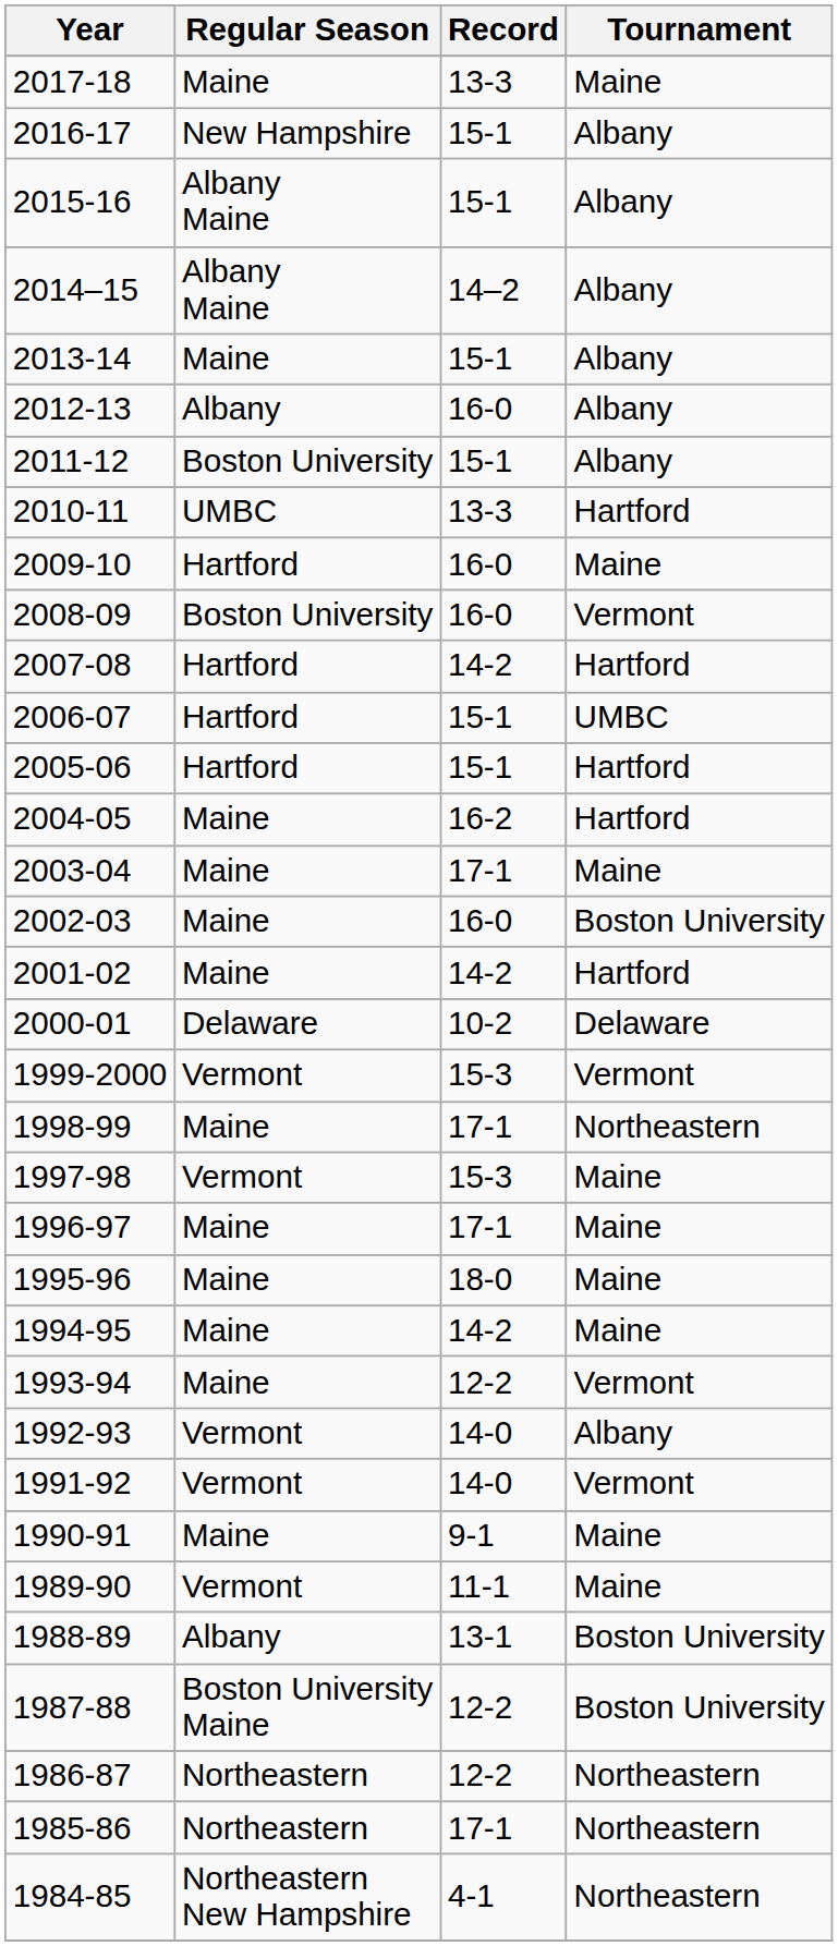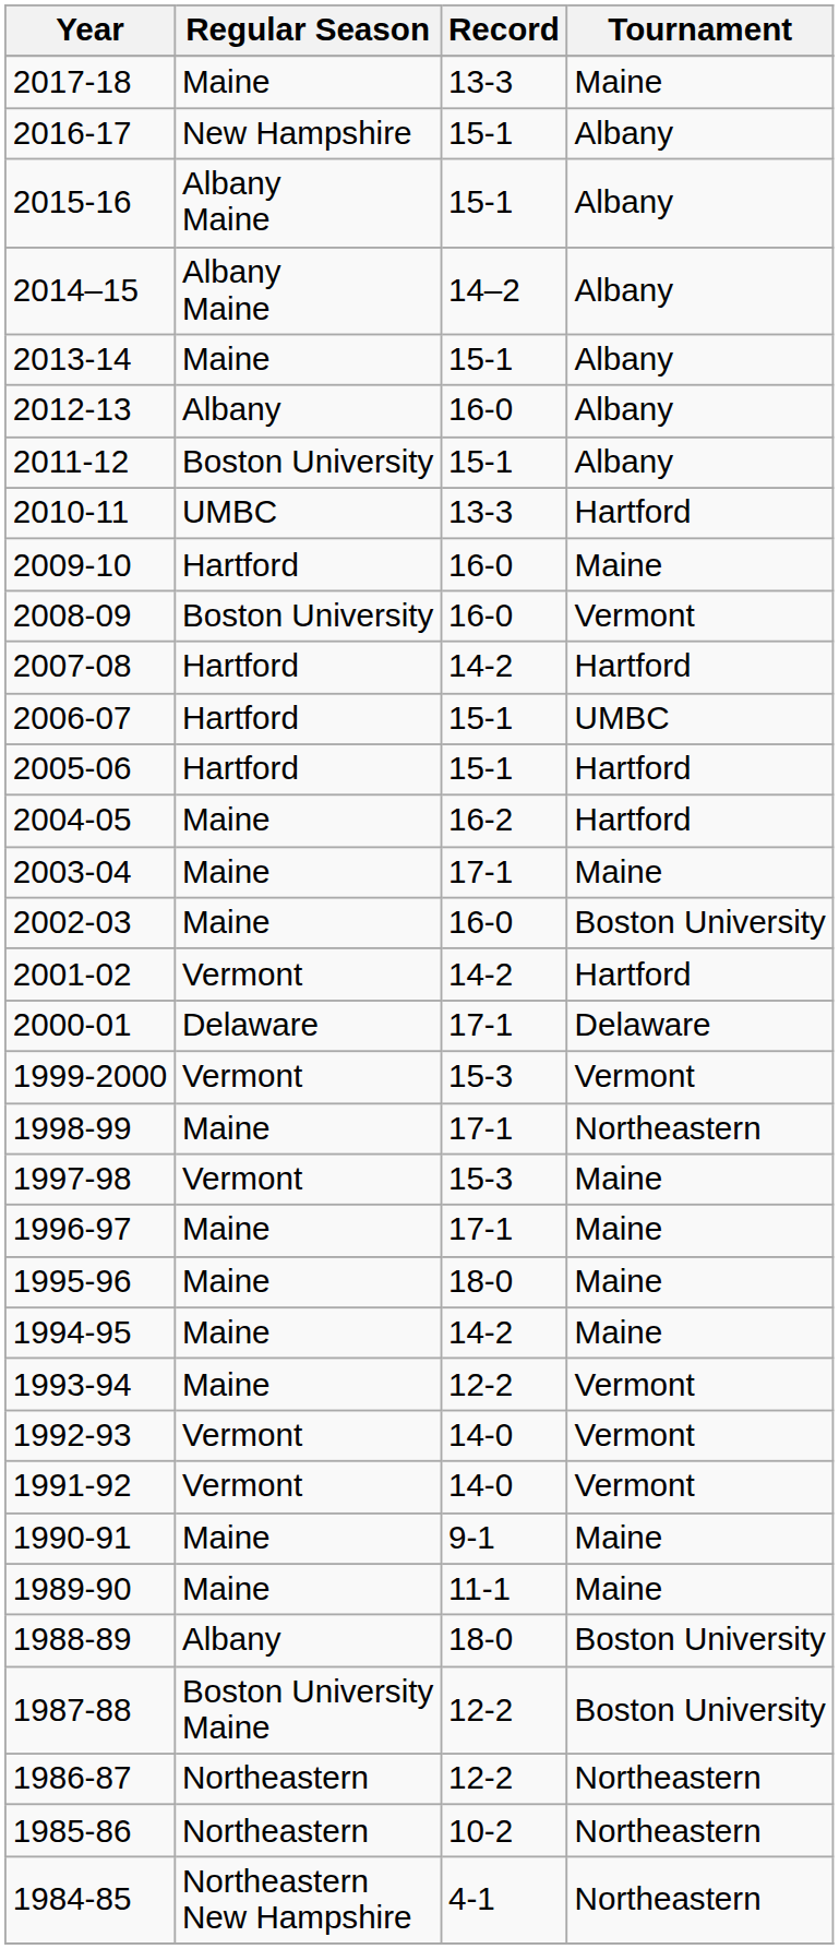 <table class="wikitable sortable">
 <tr>
 <th>Year</th>
 <th>Regular Season</th>
 <th>Record</th>
 <th>Tournament</th>
 </tr>
 <tr>
 </tr>
 <tr>
 <td>2017-18</td>
 <td>Maine</td>
 <td>13-3</td>
 <td>Maine</td>
 </tr>
 <tr>
 <td>2016-17</td>
 <td>New Hampshire</td>
 <td>15-1</td>
 <td>Albany</td>
 </tr>
 <tr>
 <td>2015-16</td>
 <td>Albany<br>Maine</td>
 <td>15-1</td>
 <td>Albany</td>
 </tr>
 <tr>
 <td>2014–15</td>
 <td>Albany<br>Maine</td>
 <td>14–2</td>
 <td>Albany</td>
 </tr>
 <tr>
 <td>2013-14</td>
 <td>Maine</td>
 <td>15-1</td>
 <td>Albany</td>
 </tr>
 <tr>
 <td>2012-13</td>
 <td>Albany</td>
 <td>16-0</td>
 <td>Albany</td>
 </tr>
 <tr>
 <td>2011-12</td>
 <td>Boston University</td>
 <td>15-1</td>
 <td>Albany</td>
 </tr>
 <tr>
 <td>2010-11</td>
 <td>UMBC</td>
 <td>13-3</td>
 <td>Hartford</td>
 </tr>
 <tr>
 <td>2009-10</td>
 <td>Hartford</td>
 <td>16-0</td>
 <td>Maine</td>
 </tr>
 <tr>
 <td>2008-09</td>
 <td>Boston University</td>
 <td>16-0</td>
 <td>Vermont</td>
 </tr>
 <tr>
 <td>2007-08</td>
 <td>Hartford</td>
 <td>14-2</td>
 <td>Hartford</td>
 </tr>
 <tr>
 <td>2006-07</td>
 <td>Hartford</td>
 <td>15-1</td>
 <td>UMBC</td>
 </tr>
 <tr>
 <td>2005-06</td>
 <td>Hartford</td>
 <td>15-1</td>
 <td>Hartford</td>
 </tr>
 <tr>
 <td>2004-05</td>
 <td>Maine</td>
 <td>16-2</td>
 <td>Hartford</td>
 </tr>
 <tr>
 <td>2003-04</td>
 <td>Maine</td>
 <td>17-1</td>
 <td>Maine</td>
 </tr>
 <tr>
 <td>2002-03</td>
 <td>Maine</td>
 <td>16-0</td>
 <td>Boston University</td>
 </tr>
 <tr>
 <td>2001-02</td>
-<td>Maine</td>
+<td>Vermont</td>
 <td>14-2</td>
 <td>Hartford</td>
 </tr>
 <tr>
 <td>2000-01</td>
 <td>Delaware</td>
-<td>10-2</td>
+<td>17-1</td>
 <td>Delaware</td>
 </tr>
 <tr>
 <td>1999-2000</td>
 <td>Vermont</td>
 <td>15-3</td>
 <td>Vermont</td>
 </tr>
 <tr>
 <td>1998-99</td>
 <td>Maine</td>
 <td>17-1</td>
 <td>Northeastern</td>
 </tr>
 <tr>
 <td>1997-98</td>
 <td>Vermont</td>
 <td>15-3</td>
 <td>Maine</td>
 </tr>
 <tr>
 <td>1996-97</td>
 <td>Maine</td>
 <td>17-1</td>
 <td>Maine</td>
 </tr>
 <tr>
 <td>1995-96</td>
 <td>Maine</td>
 <td>18-0</td>
 <td>Maine</td>
 </tr>
 <tr>
 <td>1994-95</td>
 <td>Maine</td>
 <td>14-2</td>
 <td>Maine</td>
 </tr>
 <tr>
 <td>1993-94</td>
 <td>Maine</td>
 <td>12-2</td>
 <td>Vermont</td>
 </tr>
 <tr>
 <td>1992-93</td>
 <td>Vermont</td>
 <td>14-0</td>
-<td>Albany</td>
+<td>Vermont</td>
 </tr>
 <tr>
 <td>1991-92</td>
 <td>Vermont</td>
 <td>14-0</td>
 <td>Vermont</td>
 </tr>
 <tr>
 <td>1990-91</td>
 <td>Maine</td>
 <td>9-1</td>
 <td>Maine</td>
 </tr>
 <tr>
 <td>1989-90</td>
-<td>Vermont</td>
+<td>Maine</td>
 <td>11-1</td>
 <td>Maine</td>
 </tr>
 <tr>
 <td>1988-89</td>
 <td>Albany</td>
-<td>13-1</td>
+<td>18-0</td>
 <td>Boston University</td>
 </tr>
 <tr>
 <td>1987-88</td>
 <td>Boston University<br>Maine</td>
 <td>12-2</td>
 <td>Boston University</td>
 </tr>
 <tr>
 <td>1986-87</td>
 <td>Northeastern</td>
 <td>12-2</td>
 <td>Northeastern</td>
 </tr>
 <tr>
 <td>1985-86</td>
 <td>Northeastern</td>
-<td>17-1</td>
+<td>10-2</td>
 <td>Northeastern</td>
 </tr>
 <tr>
 <td>1984-85</td>
 <td>Northeastern<br>New Hampshire</td>
 <td>4-1</td>
 <td>Northeastern</td>
 </tr>
 <tr>
 </tr>
 </table>
